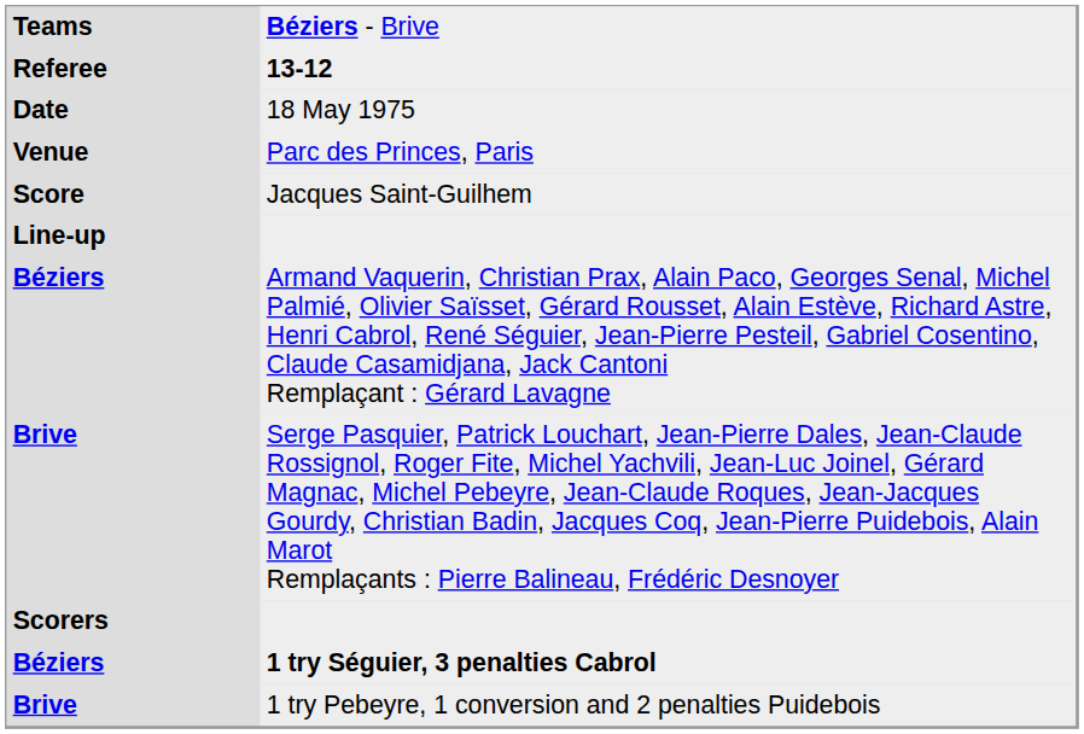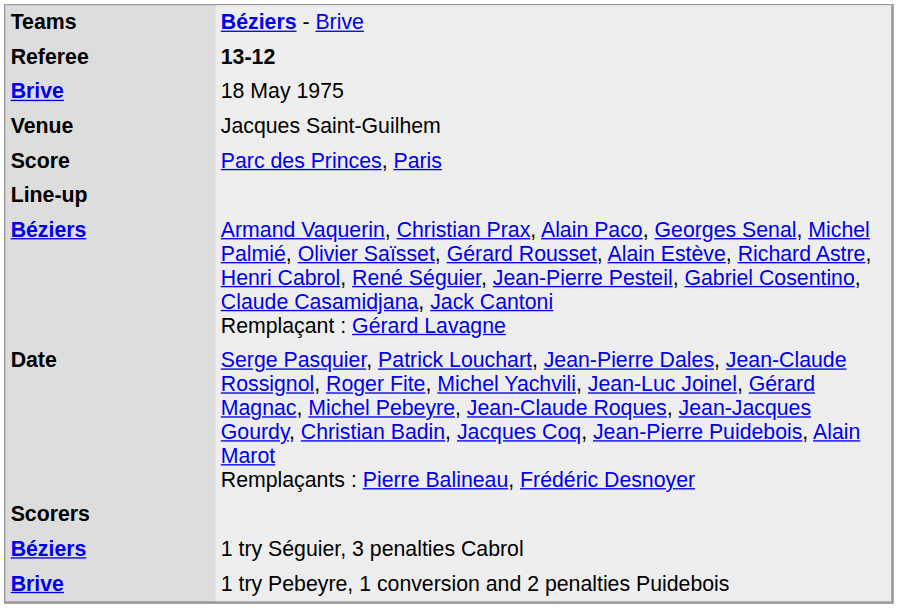 <table align="left" cellpadding="4" cellspacing="0"  style="margin: 0 0 0 0; border: 1px solid #999; border-right-width: 2px; border-bottom-width: 2px; background-color: #DDDDDD">
 <tr>
 <td width="150" valign="top"><strong>Teams</strong></td>
 <td width="500" bgcolor=#EEEEEE><strong><a href='#'>Béziers</a> </strong> - <a href='#'>Brive</a></td>
 </tr>
 <tr>
 <td valign="top"><strong>Referee</strong></td>
 <td bgcolor=#EEEEEE><strong>13-12</strong></td>
 </tr>
 <tr>
-<td valign="top"><strong>Date</strong></td>
+<td valign="top"><strong><a href='#'>Brive</a></strong></td>
 <td bgcolor=#EEEEEE>18 May 1975</td>
 </tr>
 <tr>
 <td valign="top"><strong>Venue</strong></td>
-<td bgcolor=#EEEEEE><a href='#'>Parc des Princes</a>, <a href='#'>Paris</a></td>
+<td bgcolor=#EEEEEE>Jacques Saint-Guilhem</td>
 </tr>
 <tr>
 <td valign="top"><strong>Score</strong></td>
-<td bgcolor=#EEEEEE>Jacques Saint-Guilhem</td>
+<td bgcolor=#EEEEEE><a href='#'>Parc des Princes</a>, <a href='#'>Paris</a></td>
 </tr>
 <tr>
 <td valign="top"><strong>Line-up</strong></td>
 <td bgcolor=#EEEEEE></td>
 </tr>
 <tr>
 <td valign="top"><strong> <a href='#'>Béziers</a> </strong></td>
 <td bgcolor=#EEEEEE><a href='#'>Armand Vaquerin</a>, <a href='#'>Christian Prax</a>, <a href='#'>Alain Paco</a>, <a href='#'>Georges Senal</a>, <a href='#'>Michel Palmié</a>, <a href='#'>Olivier Saïsset</a>, <a href='#'>Gérard Rousset</a>, <a href='#'>Alain Estève</a>, <a href='#'>Richard Astre</a>, <a href='#'>Henri Cabrol</a>, <a href='#'>René Séguier</a>, <a href='#'>Jean-Pierre Pesteil</a>, <a href='#'>Gabriel Cosentino</a>, <a href='#'>Claude Casamidjana</a>, <a href='#'>Jack Cantoni</a> <br>Remplaçant : <a href='#'>Gérard Lavagne</a></td>
 </tr>
 <tr>
-<td valign="top"><strong><a href='#'>Brive</a></strong></td>
+<td valign="top"><strong>Date</strong></td>
 <td bgcolor=#EEEEEE><a href='#'>Serge Pasquier</a>, <a href='#'>Patrick Louchart</a>, <a href='#'>Jean-Pierre Dales</a>, <a href='#'>Jean-Claude Rossignol</a>, <a href='#'>Roger Fite</a>, <a href='#'>Michel Yachvili</a>, <a href='#'>Jean-Luc Joinel</a>, <a href='#'>Gérard Magnac</a>, <a href='#'>Michel Pebeyre</a>, <a href='#'>Jean-Claude Roques</a>, <a href='#'>Jean-Jacques Gourdy</a>, <a href='#'>Christian Badin</a>, <a href='#'>Jacques Coq</a>, <a href='#'>Jean-Pierre Puidebois</a>, <a href='#'>Alain Marot</a> <br>Remplaçants : <a href='#'>Pierre Balineau</a>, <a href='#'>Frédéric Desnoyer</a></td>
 </tr>
 <tr>
 <td valign="top"><strong>Scorers</strong></td>
 <td bgcolor=#EEEEEE></td>
 </tr>
 <tr>
 <td valign="top"><strong> <a href='#'>Béziers</a> </strong></td>
-<td bgcolor=#EEEEEE><strong>1 try Séguier, 3 penalties  Cabrol</strong></td>
+<td bgcolor=#EEEEEE>1 try Séguier, 3 penalties  Cabrol</td>
 </tr>
 <tr>
 <td valign="top"><strong><a href='#'>Brive</a></strong></td>
 <td bgcolor=#EEEEEE>1 try Pebeyre, 1 conversion and 2 penalties  Puidebois</td>
 </tr>
 </table>
